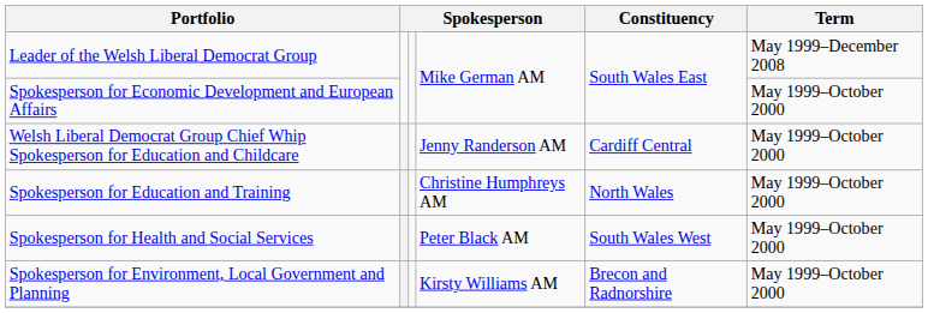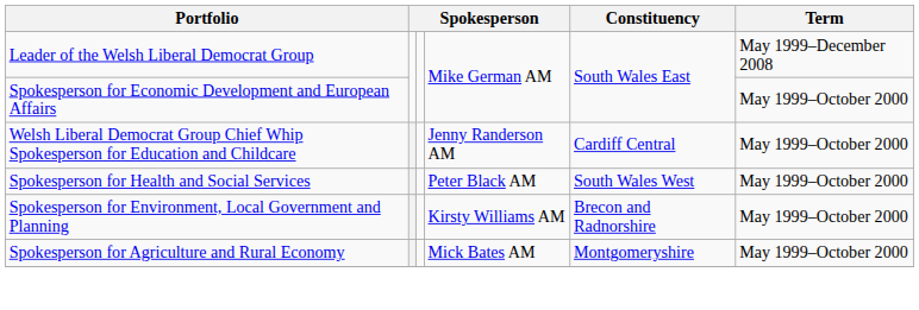 <table class="wikitable">
 <tr>
 <th colspan="1">Portfolio</th>
 <th colspan="3">Spokesperson</th>
 <th colspan="1">Constituency</th>
 <th colspan="1">Term</th>
 </tr>
 <tr>
 <td><a href='#'>Leader of the Welsh Liberal Democrat Group</a></td>
 <td rowspan="2" style="background: "></td>
 <td rowspan="2"></td>
 <td rowspan="2"><a href='#'>Mike German</a> AM</td>
 <td rowspan="2"><a href='#'>South Wales East</a></td>
 <td>May 1999–December 2008</td>
 </tr>
 <tr>
 <td><a href='#'>Spokesperson for Economic Development and European Affairs</a></td>
 <td>May 1999–October 2000</td>
 </tr>
 <tr>
 <td><a href='#'>Welsh Liberal Democrat Group Chief Whip</a><br><a href='#'>Spokesperson for Education and Childcare</a></td>
 <th style="background-color: "></th>
 <td></td>
 <td><a href='#'>Jenny Randerson</a> AM</td>
 <td><a href='#'>Cardiff Central</a></td>
 <td>May 1999–October 2000</td>
 </tr>
 <tr>
-<td><a href='#'>Spokesperson for Education and Training</a></td>
-<th style="background: "></th>
-<td></td>
-<td><a href='#'>Christine Humphreys</a> AM</td>
-<td><a href='#'>North Wales</a></td>
-<td>May 1999–October 2000</td>
-</tr>
-<tr>
 <td><a href='#'>Spokesperson for Health and Social Services</a></td>
 <th style="background: "></th>
 <td></td>
 <td><a href='#'>Peter Black</a> AM</td>
 <td><a href='#'>South Wales West</a></td>
 <td>May 1999–October 2000</td>
 </tr>
 <tr>
 <td><a href='#'>Spokesperson for Environment, Local Government and Planning</a></td>
 <th style="background: "></th>
 <td></td>
 <td><a href='#'>Kirsty Williams</a> AM</td>
 <td><a href='#'>Brecon and Radnorshire</a></td>
 <td>May 1999–October 2000</td>
 </tr>
 <tr>
+<td><a href='#'>Spokesperson for Agriculture and Rural Economy</a></td>
+<th style="background: "></th>
+<td></td>
+<td><a href='#'>Mick Bates</a> AM</td>
+<td><a href='#'>Montgomeryshire</a></td>
+<td>May 1999–October 2000</td>
+</tr>
+<tr>
 </tr>
 </table>
